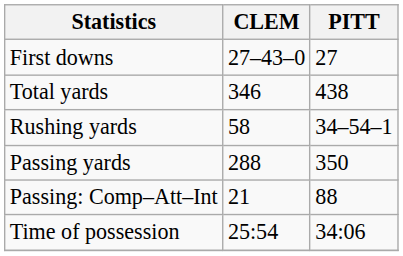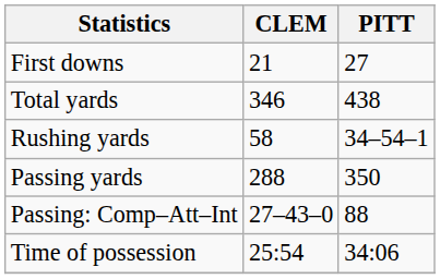 <table class="wikitable" style="float: left;">
 <tr>
 <th>Statistics</th>
 <th>CLEM</th>
 <th>PITT</th>
 </tr>
 <tr>
 <td>First downs</td>
-<td>27–43–0</td>
+<td>21</td>
 <td>27</td>
 </tr>
 <tr>
 <td>Total yards</td>
 <td>346</td>
 <td>438</td>
 </tr>
 <tr>
 <td>Rushing yards</td>
 <td>58</td>
 <td>34–54–1</td>
 </tr>
 <tr>
 <td>Passing yards</td>
 <td>288</td>
 <td>350</td>
 </tr>
 <tr>
 <td>Passing: Comp–Att–Int</td>
-<td>21</td>
+<td>27–43–0</td>
 <td>88</td>
 </tr>
 <tr>
 <td>Time of possession</td>
 <td>25:54</td>
 <td>34:06</td>
 </tr>
 <tr>
 </tr>
 </table>
